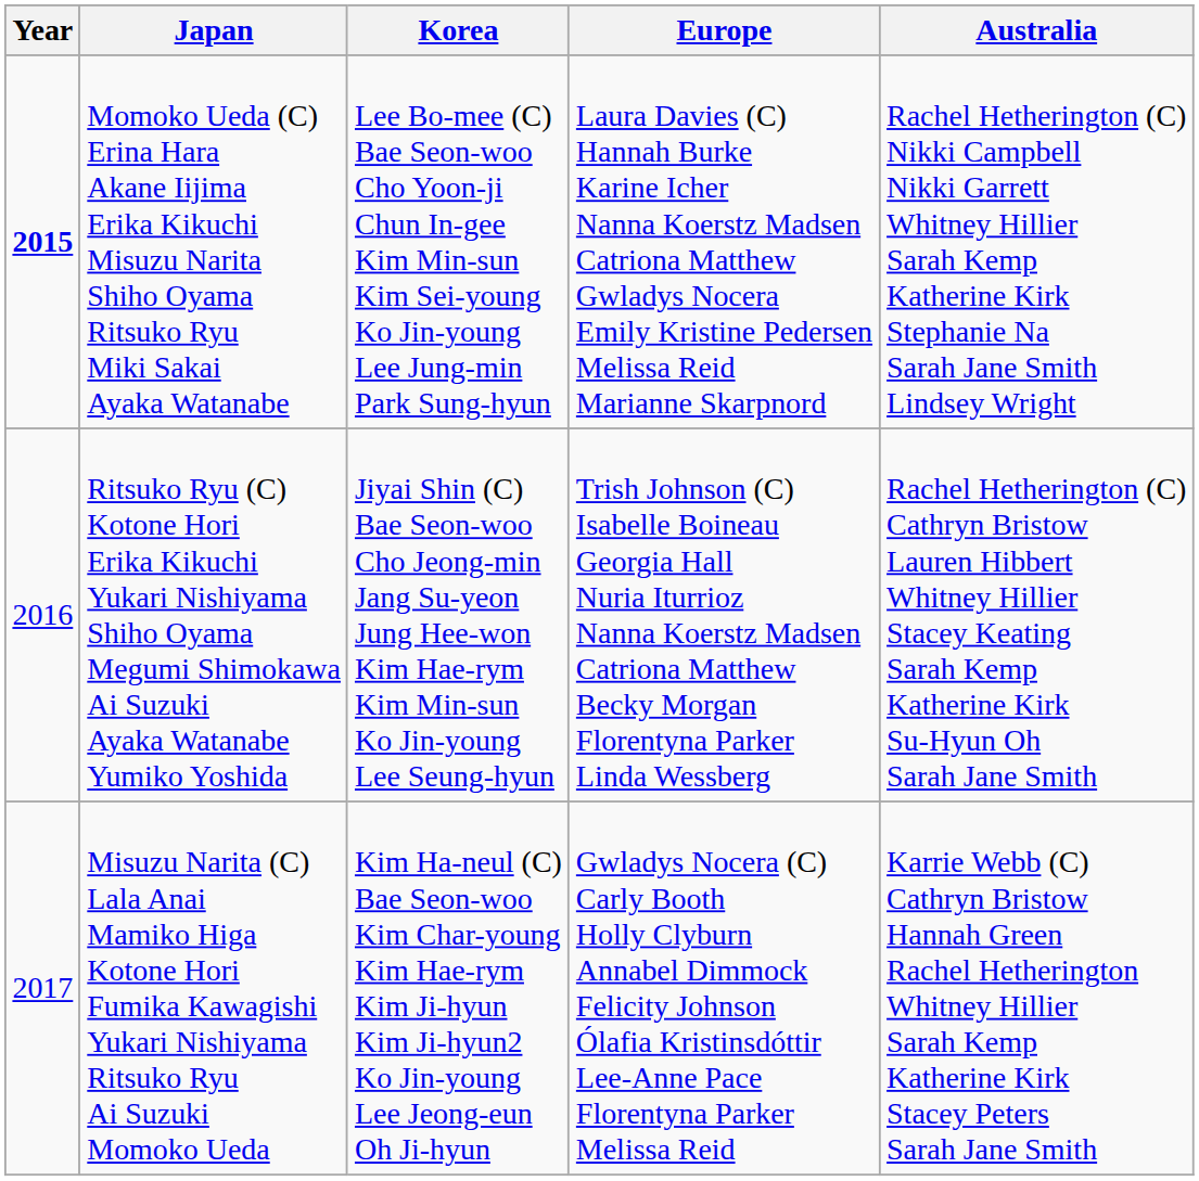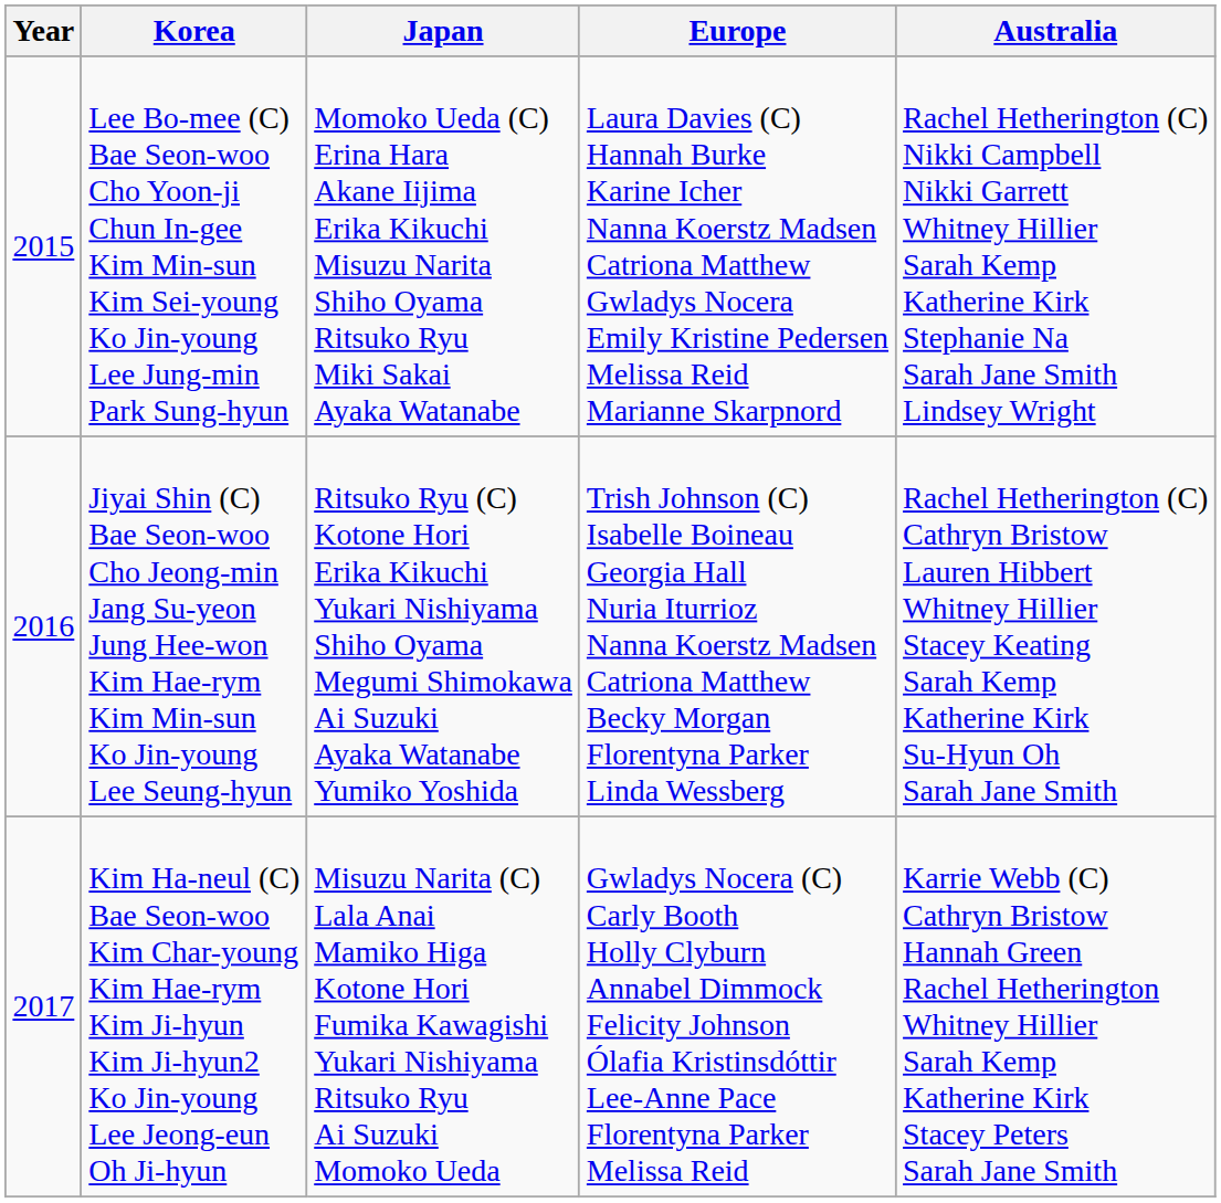 <table class=wikitable style="font-size:95%">
 <tr>
 <th>Year</th>
+<th><a href='#'>Korea</a></th>
 <th><a href='#'>Japan</a></th>
-<th><a href='#'>Korea</a></th>
 <th><a href='#'>Europe</a></th>
 <th><a href='#'>Australia</a></th>
 </tr>
 <tr>
-<td><strong><a href='#'>2015</a></strong></td>
+<td><a href='#'>2015</a></td>
+<td><br><a href='#'>Lee Bo-mee</a> (C)<br> <a href='#'>Bae Seon-woo</a><br> <a href='#'>Cho Yoon-ji</a><br> <a href='#'>Chun In-gee</a><br> <a href='#'>Kim Min-sun</a><br> <a href='#'>Kim Sei-young</a><br> <a href='#'>Ko Jin-young</a><br> <a href='#'>Lee Jung-min</a><br> <a href='#'>Park Sung-hyun</a></td>
 <td><br><a href='#'>Momoko Ueda</a> (C)<br> <a href='#'>Erina Hara</a><br> <a href='#'>Akane Iijima</a><br> <a href='#'>Erika Kikuchi</a><br> <a href='#'>Misuzu Narita</a><br> <a href='#'>Shiho Oyama</a><br> <a href='#'>Ritsuko Ryu</a><br> <a href='#'>Miki Sakai</a><br> <a href='#'>Ayaka Watanabe</a></td>
-<td><br><a href='#'>Lee Bo-mee</a> (C)<br> <a href='#'>Bae Seon-woo</a><br> <a href='#'>Cho Yoon-ji</a><br> <a href='#'>Chun In-gee</a><br> <a href='#'>Kim Min-sun</a><br> <a href='#'>Kim Sei-young</a><br> <a href='#'>Ko Jin-young</a><br> <a href='#'>Lee Jung-min</a><br> <a href='#'>Park Sung-hyun</a></td>
 <td><br><a href='#'>Laura Davies</a> (C)<br> <a href='#'>Hannah Burke</a><br> <a href='#'>Karine Icher</a><br> <a href='#'>Nanna Koerstz Madsen</a><br> <a href='#'>Catriona Matthew</a><br> <a href='#'>Gwladys Nocera</a><br> <a href='#'>Emily Kristine Pedersen</a><br> <a href='#'>Melissa Reid</a><br> <a href='#'>Marianne Skarpnord</a></td>
 <td><br><a href='#'>Rachel Hetherington</a> (C)<br> <a href='#'>Nikki Campbell</a><br> <a href='#'>Nikki Garrett</a><br> <a href='#'>Whitney Hillier</a><br> <a href='#'>Sarah Kemp</a><br> <a href='#'>Katherine Kirk</a><br> <a href='#'>Stephanie Na</a><br> <a href='#'>Sarah Jane Smith</a><br> <a href='#'>Lindsey Wright</a></td>
 </tr>
 <tr>
 <td><a href='#'>2016</a></td>
+<td><br><a href='#'>Jiyai Shin</a> (C)<br> <a href='#'>Bae Seon-woo</a><br> <a href='#'>Cho Jeong-min</a><br> <a href='#'>Jang Su-yeon</a><br> <a href='#'>Jung Hee-won</a><br> <a href='#'>Kim Hae-rym</a><br> <a href='#'>Kim Min-sun</a><br> <a href='#'>Ko Jin-young</a><br> <a href='#'>Lee Seung-hyun</a></td>
 <td><br><a href='#'>Ritsuko Ryu</a> (C)<br> <a href='#'>Kotone Hori</a><br> <a href='#'>Erika Kikuchi</a><br> <a href='#'>Yukari Nishiyama</a><br> <a href='#'>Shiho Oyama</a><br> <a href='#'>Megumi Shimokawa</a><br> <a href='#'>Ai Suzuki</a><br> <a href='#'>Ayaka Watanabe</a><br> <a href='#'>Yumiko Yoshida</a></td>
-<td><br><a href='#'>Jiyai Shin</a> (C)<br> <a href='#'>Bae Seon-woo</a><br> <a href='#'>Cho Jeong-min</a><br> <a href='#'>Jang Su-yeon</a><br> <a href='#'>Jung Hee-won</a><br> <a href='#'>Kim Hae-rym</a><br> <a href='#'>Kim Min-sun</a><br> <a href='#'>Ko Jin-young</a><br> <a href='#'>Lee Seung-hyun</a></td>
 <td><br><a href='#'>Trish Johnson</a> (C)<br> <a href='#'>Isabelle Boineau</a><br> <a href='#'>Georgia Hall</a><br> <a href='#'>Nuria Iturrioz</a><br> <a href='#'>Nanna Koerstz Madsen</a><br> <a href='#'>Catriona Matthew</a><br> <a href='#'>Becky Morgan</a><br> <a href='#'>Florentyna Parker</a><br> <a href='#'>Linda Wessberg</a></td>
 <td><br><a href='#'>Rachel Hetherington</a> (C)<br> <a href='#'>Cathryn Bristow</a><br> <a href='#'>Lauren Hibbert</a><br> <a href='#'>Whitney Hillier</a><br> <a href='#'>Stacey Keating</a><br> <a href='#'>Sarah Kemp</a><br> <a href='#'>Katherine Kirk</a><br> <a href='#'>Su-Hyun Oh</a><br> <a href='#'>Sarah Jane Smith</a></td>
 </tr>
 <tr>
 <td><a href='#'>2017</a></td>
+<td><br><a href='#'>Kim Ha-neul</a> (C)<br> <a href='#'>Bae Seon-woo</a><br> <a href='#'>Kim Char-young</a><br> <a href='#'>Kim Hae-rym</a><br> <a href='#'>Kim Ji-hyun</a><br> <a href='#'>Kim Ji-hyun2</a><br> <a href='#'>Ko Jin-young</a><br> <a href='#'>Lee Jeong-eun</a><br> <a href='#'>Oh Ji-hyun</a></td>
 <td><br><a href='#'>Misuzu Narita</a> (C)<br> <a href='#'>Lala Anai</a><br> <a href='#'>Mamiko Higa</a><br> <a href='#'>Kotone Hori</a><br> <a href='#'>Fumika Kawagishi</a><br> <a href='#'>Yukari Nishiyama</a><br> <a href='#'>Ritsuko Ryu</a><br> <a href='#'>Ai Suzuki</a><br> <a href='#'>Momoko Ueda</a></td>
-<td><br><a href='#'>Kim Ha-neul</a> (C)<br> <a href='#'>Bae Seon-woo</a><br> <a href='#'>Kim Char-young</a><br> <a href='#'>Kim Hae-rym</a><br> <a href='#'>Kim Ji-hyun</a><br> <a href='#'>Kim Ji-hyun2</a><br> <a href='#'>Ko Jin-young</a><br> <a href='#'>Lee Jeong-eun</a><br> <a href='#'>Oh Ji-hyun</a></td>
 <td><br><a href='#'>Gwladys Nocera</a> (C)<br> <a href='#'>Carly Booth</a><br> <a href='#'>Holly Clyburn</a><br> <a href='#'>Annabel Dimmock</a><br> <a href='#'>Felicity Johnson</a><br> <a href='#'>Ólafia Kristinsdóttir</a><br> <a href='#'>Lee-Anne Pace</a><br> <a href='#'>Florentyna Parker</a><br> <a href='#'>Melissa Reid</a></td>
 <td><br><a href='#'>Karrie Webb</a> (C)<br> <a href='#'>Cathryn Bristow</a><br> <a href='#'>Hannah Green</a><br> <a href='#'>Rachel Hetherington</a><br> <a href='#'>Whitney Hillier</a><br> <a href='#'>Sarah Kemp</a><br> <a href='#'>Katherine Kirk</a><br> <a href='#'>Stacey Peters</a><br> <a href='#'>Sarah Jane Smith</a></td>
 </tr>
 </table>
